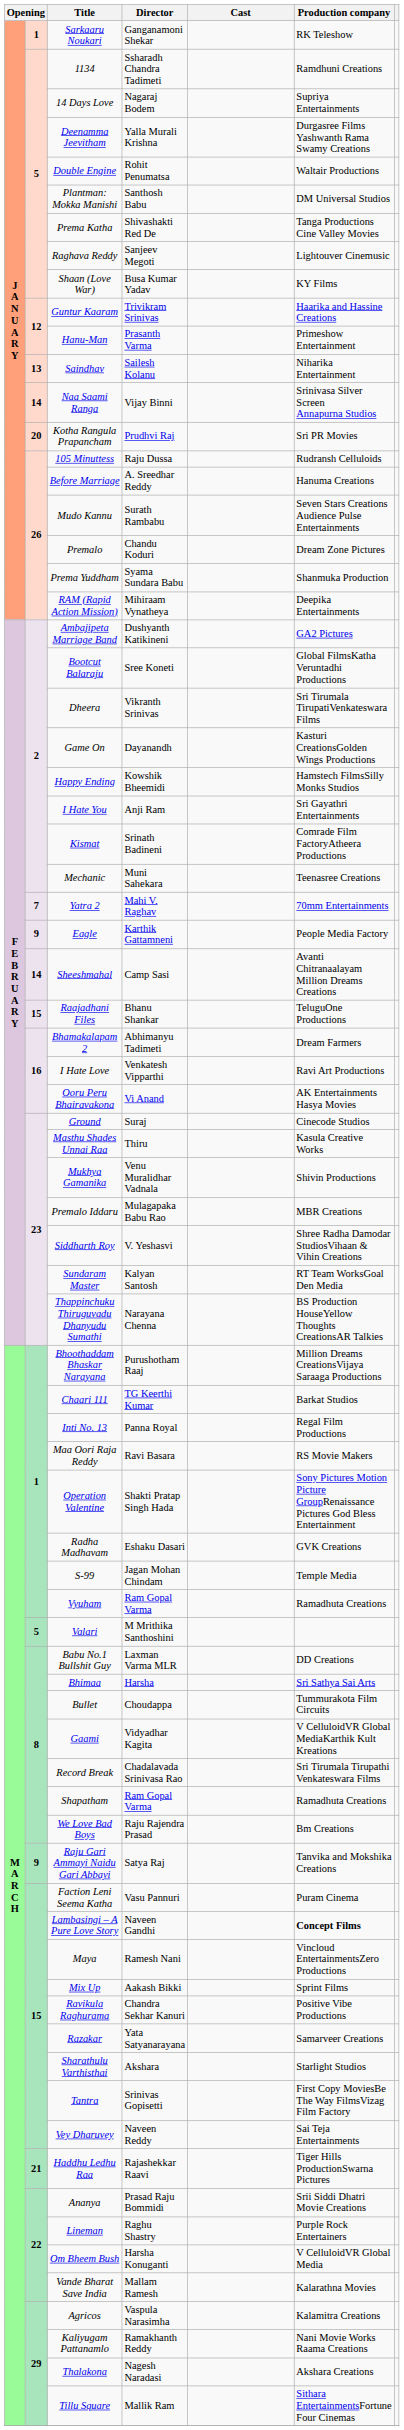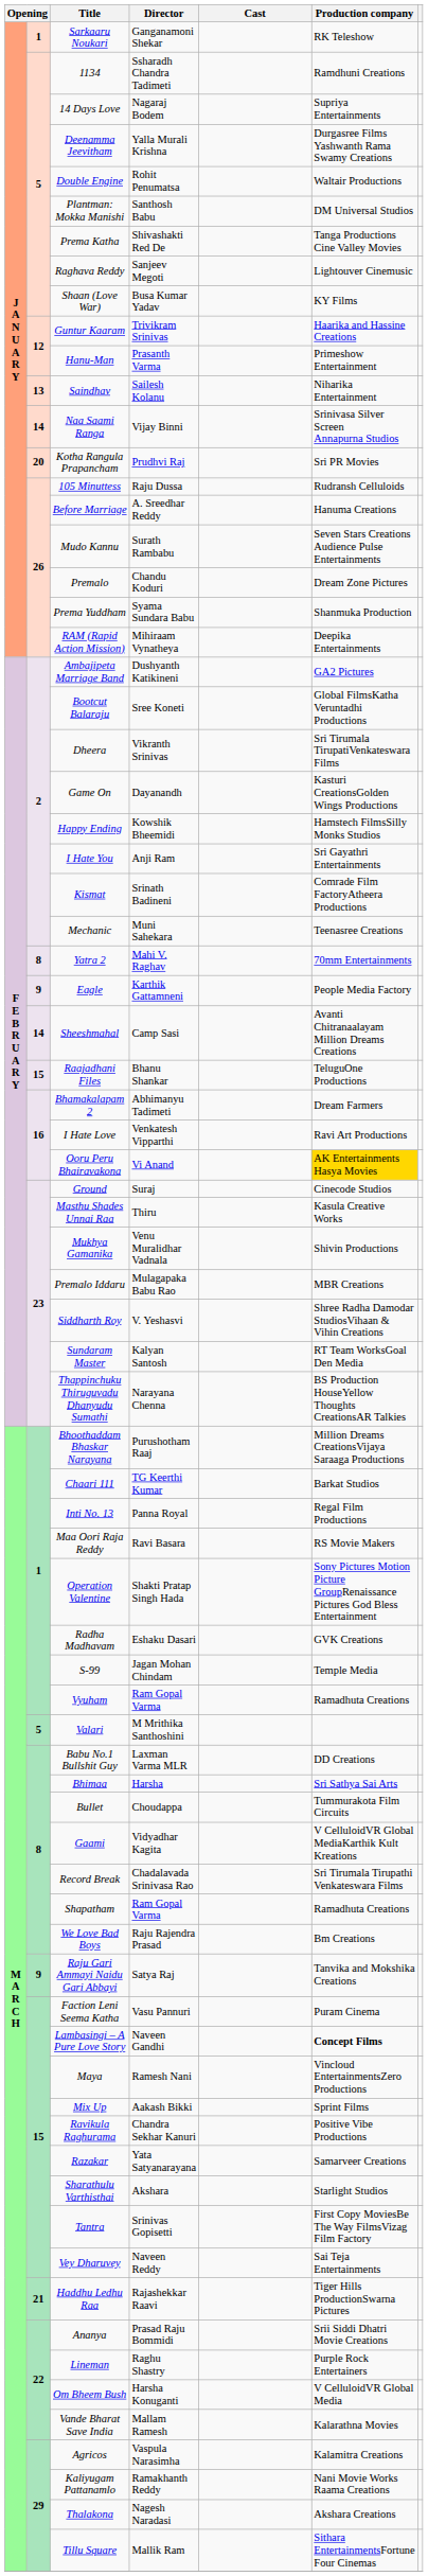 <table class="wikitable sortable">
 <tr>
 <th colspan="2" style="width:6%;">Opening</th>
 <th style="width:20%;">Title</th>
 <th style="width:10%;">Director</th>
 <th style="width:45%;">Cast</th>
 <th style="width:30%;">Production company</th>
 <th class="unsortable" style="width:1%;"></th>
 </tr>
 <tr>
 <td rowspan="20" style="text-align:center;background:#ffa07a;textcolor:#000;"><strong>J<br>A<br>N<br>U<br>A<br>R<br>Y</strong></td>
 <td style="text-align:center;background:#ffdacc;"><strong>1</strong></td>
 <td style="text-align:center;"><em><a href='#'>Sarkaaru Noukari</a></em></td>
 <td>Ganganamoni Shekar</td>
 <td></td>
 <td>RK Teleshow</td>
 <td style="text-align:center;"></td>
 </tr>
 <tr>
 <td rowspan="8" style="text-align:center;background:#ffdacc;"><strong>5</strong></td>
 <td style="text-align:center;"><em>1134</em></td>
 <td>Ssharadh Chandra Tadimeti</td>
 <td></td>
 <td>Ramdhuni Creations</td>
 <td style="text-align:center;"></td>
 </tr>
 <tr>
 <td style="text-align:center;"><em>14 Days Love</em></td>
 <td>Nagaraj Bodem</td>
 <td></td>
 <td>Supriya Entertainments</td>
 <td style="text-align:center;"></td>
 </tr>
 <tr>
 <td style="text-align:center;"><em><a href='#'>Deenamma Jeevitham</a></em></td>
 <td>Yalla Murali Krishna</td>
 <td></td>
 <td>Durgasree Films <br>Yashwanth Rama Swamy Creations</td>
 <td style="text-align:center;"></td>
 </tr>
 <tr>
 <td style="text-align:center;"><em><a href='#'>Double Engine</a></em></td>
 <td>Rohit Penumatsa</td>
 <td></td>
 <td>Waltair Productions</td>
 <td style="text-align:center;"></td>
 </tr>
 <tr>
 <td style="text-align:center;"><em>Plantman: Mokka Manishi</em></td>
 <td>Santhosh Babu</td>
 <td></td>
 <td>DM Universal Studios</td>
 <td style="text-align:center;"></td>
 </tr>
 <tr>
 <td style="text-align:center;"><em>Prema Katha</em></td>
 <td>Shivashakti Red De</td>
 <td></td>
 <td>Tanga Productions <br>Cine Valley Movies</td>
 <td style="text-align:center;"></td>
 </tr>
 <tr>
 <td style="text-align:center;"><em>Raghava Reddy</em></td>
 <td>Sanjeev Megoti</td>
 <td></td>
 <td>Lightouver Cinemusic</td>
 <td style="text-align:center;"></td>
 </tr>
 <tr>
 <td style="text-align:center;"><em>Shaan (Love War)</em></td>
 <td>Busa Kumar Yadav</td>
 <td></td>
 <td>KY Films</td>
 <td style="text-align:center;"></td>
 </tr>
 <tr>
 <td rowspan="2" style="text-align:center;background:#ffdacc;"><strong>12</strong></td>
 <td style="text-align:center;"><em><a href='#'>Guntur Kaaram</a></em></td>
 <td><a href='#'>Trivikram Srinivas</a></td>
 <td></td>
 <td><a href='#'>Haarika and Hassine Creations</a></td>
 <td style="text-align:center;"></td>
 </tr>
 <tr>
 <td style="text-align:center;"><em><a href='#'>Hanu-Man</a></em></td>
 <td><a href='#'>Prasanth Varma</a></td>
 <td></td>
 <td>Primeshow Entertainment</td>
 <td></td>
 </tr>
 <tr>
 <td style="text-align:center;background:#ffdacc;"><strong>13</strong></td>
 <td style="text-align:center;"><em><a href='#'>Saindhav</a></em></td>
 <td><a href='#'>Sailesh Kolanu</a></td>
 <td></td>
 <td>Niharika Entertainment</td>
 <td></td>
 </tr>
 <tr>
 <td style="text-align:center;background:#ffdacc;"><strong>14</strong></td>
 <td style="text-align:center;"><em><a href='#'>Naa Saami Ranga</a></em></td>
 <td>Vijay Binni</td>
 <td></td>
 <td>Srinivasa Silver Screen<br><a href='#'>Annapurna Studios</a></td>
 <td style="text-align:center;"></td>
 </tr>
 <tr>
 <td style="text-align:center;background:#ffdacc;"><strong>20</strong></td>
 <td style="text-align:center;"><em>Kotha Rangula Prapancham</em></td>
 <td><a href='#'>Prudhvi Raj</a></td>
 <td></td>
 <td>Sri PR Movies</td>
 <td style="text-align:center;"></td>
 </tr>
 <tr>
 <td rowspan="6" style="text-align:center; background:#ffdacc;"><strong>26</strong></td>
 <td style="text-align:center;"><em><a href='#'>105 Minuttess</a></em></td>
 <td>Raju Dussa</td>
 <td></td>
 <td>Rudransh Celluloids</td>
 <td style="text-align:center;"></td>
 </tr>
 <tr>
 <td style="text-align:center;"><em><a href='#'>Before Marriage</a></em></td>
 <td>A. Sreedhar Reddy</td>
 <td></td>
 <td>Hanuma Creations</td>
 <td style="text-align:center;"></td>
 </tr>
 <tr>
 <td style="text-align:center;"><em>Mudo Kannu</em></td>
 <td>Surath Rambabu</td>
 <td></td>
 <td>Seven Stars Creations<br>Audience Pulse Entertainments</td>
 <td style="text-align:center;"></td>
 </tr>
 <tr>
 <td style="text-align:center;"><em>Premalo</em></td>
 <td>Chandu Koduri</td>
 <td></td>
 <td>Dream Zone Pictures</td>
 <td style="text-align:center;"></td>
 </tr>
 <tr>
 <td style="text-align:center;"><em>Prema Yuddham</em></td>
 <td>Syama Sundara Babu</td>
 <td></td>
 <td>Shanmuka Production</td>
 <td style="text-align:center;"></td>
 </tr>
 <tr>
 <td style="text-align:center;"><em><a href='#'>RAM (Rapid Action Mission)</a></em></td>
 <td>Mihiraam Vynatheya</td>
 <td></td>
 <td>Deepika Entertainments</td>
 <td style="text-align:center;"></td>
 </tr>
 <tr>
 <td rowspan="22" style="text-align:center; background:#dcc7df; textcolor:#000;"><strong>F<br>E<br>B<br>R<br>U<br>A<br>R<br>Y</strong></td>
 <td rowspan="8" style="text-align:center; background:#ede3ef;"><strong>2</strong></td>
 <td style="text-align:center;"><em><a href='#'>Ambajipeta Marriage Band</a></em></td>
 <td>Dushyanth Katikineni</td>
 <td></td>
 <td><a href='#'>GA2 Pictures</a></td>
 <td style="text-align:center;"></td>
 </tr>
 <tr>
 <td style="text-align:center;"><em><a href='#'>Bootcut Balaraju</a></em></td>
 <td>Sree Koneti</td>
 <td></td>
 <td>Global FilmsKatha Veruntadhi Productions</td>
 <td></td>
 </tr>
 <tr>
 <td style="text-align:center;"><em>Dheera</em></td>
 <td>Vikranth Srinivas</td>
 <td></td>
 <td>Sri Tirumala TirupatiVenkateswara Films</td>
 <td style="text-align:center;"></td>
 </tr>
 <tr>
 <td style="text-align:center;"><em>Game On</em></td>
 <td>Dayanandh</td>
 <td></td>
 <td>Kasturi CreationsGolden Wings Productions</td>
 <td></td>
 </tr>
 <tr>
 <td style="text-align:center;"><a href='#'><em>Happy Ending</em></a></td>
 <td>Kowshik Bheemidi</td>
 <td></td>
 <td>Hamstech FilmsSilly Monks Studios</td>
 <td style="text-align:center;"></td>
 </tr>
 <tr>
 <td style="text-align:center;"><em><a href='#'>I Hate You</a></em></td>
 <td>Anji Ram</td>
 <td></td>
 <td>Sri Gayathri Entertainments</td>
 <td style="text-align:center;"></td>
 </tr>
 <tr>
 <td style="text-align:center;"><a href='#'><em>Kismat</em></a></td>
 <td>Srinath Badineni</td>
 <td></td>
 <td>Comrade Film FactoryAtheera Productions</td>
 <td style="text-align:center;"></td>
 </tr>
 <tr>
 <td style="text-align:center;"><em>Mechanic</em></td>
 <td>Muni Sahekara</td>
 <td></td>
 <td>Teenasree Creations</td>
 <td style="text-align:center;"></td>
 </tr>
 <tr>
-<td rowspan="1" style="text-align:center; background:#ede3ef;"><strong>7</strong></td>
+<td rowspan="1" style="text-align:center; background:#ede3ef;"><strong>8</strong></td>
 <td style="text-align:center;"><em><a href='#'>Yatra 2</a></em></td>
 <td><a href='#'>Mahi V. Raghav</a></td>
 <td></td>
 <td><a href='#'>70mm Entertainments</a></td>
 <td></td>
 </tr>
 <tr>
 <td rowspan="1" style="text-align:center; background:#ede3ef;"><strong>9</strong></td>
 <td style="text-align:center;"><em><a href='#'>Eagle</a></em></td>
 <td><a href='#'>Karthik Gattamneni</a></td>
 <td></td>
 <td>People Media Factory</td>
 <td></td>
 </tr>
 <tr>
 <td rowspan="1" style="text-align:center; background:#ede3ef;"><strong>14</strong></td>
 <td style="text-align:center;"><em><a href='#'>Sheeshmahal</a></em></td>
 <td>Camp Sasi</td>
 <td></td>
 <td>Avanti Chitranaalayam<br>Million Dreams Creations</td>
 <td style="text-align:center;"></td>
 </tr>
 <tr>
 <td rowspan="1" style="text-align:center; background:#ede3ef;"><strong>15</strong></td>
 <td style="text-align:center;"><em><a href='#'>Raajadhani Files</a></em></td>
 <td>Bhanu Shankar</td>
 <td></td>
 <td>TeluguOne Productions</td>
 <td></td>
 </tr>
 <tr>
 <td rowspan="3" style="text-align:center; background:#ede3ef;"><strong>16</strong></td>
 <td style="text-align:center;"><em><a href='#'>Bhamakalapam 2</a></em></td>
 <td>Abhimanyu Tadimeti</td>
 <td></td>
 <td>Dream Farmers</td>
 <td style="text-align:center;"></td>
 </tr>
 <tr>
 <td style="text-align:center;"><em>I Hate Love</em></td>
 <td>Venkatesh Vipparthi</td>
 <td></td>
 <td>Ravi Art Productions</td>
 <td style="text-align:center;"></td>
 </tr>
 <tr>
 <td style="text-align:center;"><em><a href='#'>Ooru Peru Bhairavakona</a></em></td>
 <td><a href='#'>Vi Anand</a></td>
 <td></td>
-<td>AK Entertainments<br>Hasya Movies</td>
+<td style="background: gold;">AK Entertainments<br>Hasya Movies</td>
 <td></td>
 </tr>
 <tr>
 <td rowspan="7" style="text-align:center; background:#ede3ef;"><strong>23</strong></td>
 <td style="text-align:center;"><em><a href='#'>Ground</a></em></td>
 <td>Suraj</td>
 <td></td>
 <td>Cinecode Studios</td>
 <td style="text-align:center;"></td>
 </tr>
 <tr>
 <td style="text-align:center;"><em><a href='#'>Masthu Shades Unnai Raa</a></em></td>
 <td>Thiru</td>
 <td></td>
 <td>Kasula Creative Works</td>
 <td style="text-align:center;"></td>
 </tr>
 <tr>
 <td style="text-align:center;"><em><a href='#'>Mukhya Gamanika</a></em></td>
 <td>Venu Muralidhar Vadnala</td>
 <td></td>
 <td>Shivin Productions</td>
 <td style="text-align:center;"></td>
 </tr>
 <tr>
 <td style="text-align:center;"><em>Premalo Iddaru</em></td>
 <td>Mulagapaka Babu Rao</td>
 <td></td>
 <td>MBR Creations</td>
 <td style="text-align:center;"></td>
 </tr>
 <tr>
 <td style="text-align:center;"><em><a href='#'>Siddharth Roy</a></em></td>
 <td>V. Yeshasvi</td>
 <td></td>
 <td>Shree Radha Damodar StudiosVihaan & Vihin Creations</td>
 <td style="text-align:center;"></td>
 </tr>
 <tr>
 <td style="text-align:center;"><em><a href='#'>Sundaram Master</a></em></td>
 <td>Kalyan Santosh</td>
 <td></td>
 <td>RT Team WorksGoal Den Media</td>
 <td style="text-align:center;"></td>
 </tr>
 <tr>
 <td style="text-align:center;"><em><a href='#'>Thappinchuku Thiruguvadu Dhanyudu Sumathi</a></em></td>
 <td>Narayana Chenna</td>
 <td></td>
 <td>BS Production HouseYellow Thoughts CreationsAR Talkies</td>
 <td style="text-align:center;"></td>
 </tr>
 <tr>
 <td rowspan="35" style="text-align:center; background:#98fb98; textcolor:#000;"><strong>M<br>A<br>R<br>C<br>H</strong></td>
 <td rowspan="8" style="text-align:center; background:#a8e4bc;"><strong>1</strong></td>
 <td style="text-align:center;"><em><a href='#'>Bhoothaddam Bhaskar Narayana</a></em></td>
 <td>Purushotham Raaj</td>
 <td></td>
 <td>Million Dreams CreationsVijaya Saraaga Productions</td>
 <td style="text-align:center;"></td>
 </tr>
 <tr>
 <td style="text-align:center;"><em><a href='#'>Chaari 111</a></em></td>
 <td><a href='#'>TG Keerthi Kumar</a></td>
 <td></td>
 <td>Barkat Studios</td>
 <td style="text-align:center;"></td>
 </tr>
 <tr>
 <td style="text-align:center;"><em><a href='#'>Inti No. 13</a></em></td>
 <td>Panna Royal</td>
 <td></td>
 <td>Regal Film Productions</td>
 <td style="text-align:center;"></td>
 </tr>
 <tr>
 <td style="text-align:center;"><em>Maa Oori Raja Reddy</em></td>
 <td>Ravi Basara</td>
 <td></td>
 <td>RS Movie Makers</td>
 <td style="text-align:center;"></td>
 </tr>
 <tr>
 <td style="text-align:center;"><em><a href='#'>Operation Valentine</a></em></td>
 <td>Shakti Pratap Singh Hada</td>
 <td></td>
 <td><a href='#'>Sony Pictures Motion Picture Group</a>Renaissance Pictures God Bless Entertainment</td>
 <td style="text-align:center;"></td>
 </tr>
 <tr>
 <td style="text-align:center;"><em>Radha Madhavam</em></td>
 <td>Eshaku Dasari</td>
 <td></td>
 <td>GVK Creations</td>
 <td style="text-align:center;"></td>
 </tr>
 <tr>
 <td style="text-align:center;"><em>S-99</em></td>
 <td>Jagan Mohan Chindam</td>
 <td></td>
 <td>Temple Media</td>
 <td style="text-align:center;"></td>
 </tr>
 <tr>
 <td style="text-align:center;"><em><a href='#'>Vyuham</a></em></td>
 <td><a href='#'>Ram Gopal Varma</a></td>
 <td></td>
 <td>Ramadhuta Creations</td>
 <td style="text-align:center;"></td>
 </tr>
 <tr>
 <td style="text-align:center; background:#a8e4bc;"><strong>5</strong></td>
 <td style="text-align:center;"><em><a href='#'>Valari</a></em></td>
 <td>M Mrithika Santhoshini</td>
 <td></td>
 <td></td>
 <td style="text-align:center;"></td>
 </tr>
 <tr>
 <td rowspan="7" style="text-align:center; background:#a8e4bc;"><strong>8</strong></td>
 <td style="text-align:center;"><em>Babu No.1 Bullshit Guy</em></td>
 <td>Laxman Varma MLR</td>
 <td></td>
 <td>DD Creations</td>
 <td style="text-align:center;"></td>
 </tr>
 <tr>
 <td style="text-align:center;"><em><a href='#'>Bhimaa</a></em></td>
 <td><a href='#'>Harsha</a></td>
 <td></td>
 <td><a href='#'>Sri Sathya Sai Arts</a></td>
 <td style="text-align:center;"></td>
 </tr>
 <tr>
 <td style="text-align:center;"><em>Bullet</em></td>
 <td>Choudappa</td>
 <td></td>
 <td>Tummurakota Film Circuits</td>
 <td style="text-align:center;"></td>
 </tr>
 <tr>
 <td style="text-align:center;"><em><a href='#'>Gaami</a></em></td>
 <td>Vidyadhar Kagita</td>
 <td></td>
 <td>V CelluloidVR Global MediaKarthik Kult Kreations</td>
 <td></td>
 </tr>
 <tr>
 <td style="text-align:center;"><em>Record Break</em></td>
 <td>Chadalavada Srinivasa Rao</td>
 <td></td>
 <td>Sri Tirumala Tirupathi Venkateswara Films</td>
 <td style="text-align:center;"></td>
 </tr>
 <tr>
 <td style="text-align:center;"><em>Shapatham</em></td>
 <td><a href='#'>Ram Gopal Varma</a></td>
 <td></td>
 <td>Ramadhuta Creations</td>
 <td style="text-align:center;"></td>
 </tr>
 <tr>
 <td style="text-align:center;"><em><a href='#'>We Love Bad Boys</a></em></td>
 <td>Raju Rajendra Prasad</td>
 <td></td>
 <td>Bm Creations</td>
 <td style="text-align:center;"></td>
 </tr>
 <tr>
 <td style="text-align:center;background:#a8e4bc;"><strong>9</strong></td>
 <td style="text-align:center;"><em><a href='#'>Raju Gari Ammayi Naidu Gari Abbayi</a> </em></td>
 <td>Satya Raj</td>
 <td></td>
 <td>Tanvika and Mokshika Creations</td>
 <td style="text-align:center;"></td>
 </tr>
 <tr>
 <td rowspan="9" style="text-align:center;background:#a8e4bc;"><strong>15</strong></td>
 <td style="text-align:center;"><em>Faction Leni Seema Katha</em></td>
 <td>Vasu Pannuri</td>
 <td></td>
 <td>Puram Cinema</td>
 <td style="text-align:center;"></td>
 </tr>
 <tr>
 <td style="text-align:center;"><em><a href='#'>Lambasingi – A Pure Love Story</a></em></td>
 <td>Naveen Gandhi</td>
 <td></td>
 <td><strong>Concept Films</strong></td>
 <td style="text-align:center;"></td>
 </tr>
 <tr>
 <td style="text-align:center;"><em>Maya</em></td>
 <td>Ramesh Nani</td>
 <td></td>
 <td>Vincloud EntertainmentsZero Productions</td>
 <td style="text-align:center;"></td>
 </tr>
 <tr>
 <td style="text-align:center;"><a href='#'><em>Mix Up</em></a></td>
 <td>Aakash Bikki</td>
 <td></td>
 <td>Sprint Films</td>
 <td style="text-align:center;"></td>
 </tr>
 <tr>
 <td style="text-align:center;"><em><a href='#'>Ravikula Raghurama</a></em></td>
 <td>Chandra Sekhar Kanuri</td>
 <td></td>
 <td>Positive Vibe Productions</td>
 <td style="text-align:center;"></td>
 </tr>
 <tr>
 <td style="text-align:center;"><em><a href='#'>Razakar</a></em></td>
 <td>Yata Satyanarayana</td>
 <td></td>
 <td>Samarveer Creations</td>
 <td style="text-align:center;"></td>
 </tr>
 <tr>
 <td style="text-align:center;"><em><a href='#'>Sharathulu Varthisthai</a></em></td>
 <td>Akshara</td>
 <td></td>
 <td>Starlight Studios</td>
 <td style="text-align:center;"></td>
 </tr>
 <tr>
 <td style="text-align:center;"><a href='#'><em>Tantra</em></a></td>
 <td>Srinivas Gopisetti</td>
 <td></td>
 <td>First Copy MoviesBe The Way FilmsVizag Film Factory</td>
 <td style="text-align:center;"></td>
 </tr>
 <tr>
 <td style="text-align:center;"><em><a href='#'>Vey Dharuvey</a></em></td>
 <td>Naveen Reddy</td>
 <td></td>
 <td>Sai Teja Entertainments</td>
 <td style="text-align:center;"></td>
 </tr>
 <tr>
 <td style="text-align:center;background:#a8e4bc;"rowspan="1"><strong>21</strong></td>
 <td style="text-align:center;"><em><a href='#'>Haddhu Ledhu Raa</a></em></td>
 <td>Rajashekkar Raavi</td>
 <td></td>
 <td>Tiger Hills ProductionSwarna Pictures</td>
 <td></td>
 </tr>
 <tr>
 <td rowspan="4" style="text-align:center;background:#a8e4bc;"><strong>22</strong></td>
 <td style="text-align:center;"><em>Ananya</em></td>
 <td>Prasad Raju Bommidi</td>
 <td></td>
 <td>Srii Siddi Dhatri Movie Creations</td>
 <td style="text-align:center;"></td>
 </tr>
 <tr>
 <td style="text-align:center;"><em><a href='#'>Lineman</a></em></td>
 <td>Raghu Shastry</td>
 <td></td>
 <td>Purple Rock Entertainers</td>
 <td style="text-align:center;"></td>
 </tr>
 <tr>
 <td style="text-align:center;"><em><a href='#'>Om Bheem Bush</a></em></td>
 <td>Harsha Konuganti</td>
 <td></td>
 <td>V CelluloidVR Global Media</td>
 <td style="text-align:center;"></td>
 </tr>
 <tr>
 <td style="text-align:center;"><em>Vande Bharat Save India</em></td>
 <td>Mallam Ramesh</td>
 <td></td>
 <td>Kalarathna Movies</td>
 <td style="text-align:center;"></td>
 </tr>
 <tr>
 <td rowspan="4" style="text-align:center; background:#a8e4bc;"><strong>29</strong></td>
 <td style="text-align:center;"><em>Agricos</em></td>
 <td>Vaspula Narasimha</td>
 <td></td>
 <td>Kalamitra Creations</td>
 <td style="text-align:center;"></td>
 </tr>
 <tr>
 <td style="text-align:center;"><em>Kaliyugam Pattanamlo</em></td>
 <td>Ramakhanth Reddy</td>
 <td></td>
 <td>Nani Movie Works<br>Raama Creations</td>
 <td style="text-align:center;"></td>
 </tr>
 <tr>
 <td style="text-align:center;"><em><a href='#'>Thalakona</a></em></td>
 <td>Nagesh Naradasi</td>
 <td></td>
 <td>Akshara Creations</td>
 <td style="text-align:center;"></td>
 </tr>
 <tr>
 <td style="text-align:center;"><em><a href='#'>Tillu Square</a></em></td>
 <td>Mallik Ram</td>
 <td></td>
 <td><a href='#'>Sithara Entertainments</a>Fortune Four Cinemas</td>
 <td style="text-align:center;"></td>
 </tr>
 <tr>
 </tr>
 </table>
